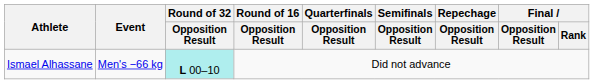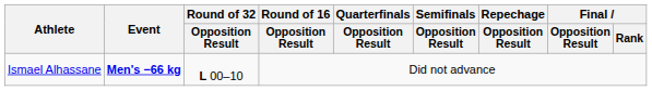 <table class="wikitable" style="font-size:90%">
 <tr>
 <th rowspan="2">Athlete</th>
 <th rowspan="2">Event</th>
 <th>Round of 32</th>
 <th>Round of 16</th>
 <th>Quarterfinals</th>
 <th>Semifinals</th>
 <th>Repechage</th>
 <th colspan=2>Final / </th>
 </tr>
 <tr style="font-size:95%">
 <th>Opposition<br>Result</th>
 <th>Opposition<br>Result</th>
 <th>Opposition<br>Result</th>
 <th>Opposition<br>Result</th>
 <th>Opposition<br>Result</th>
 <th>Opposition<br>Result</th>
 <th>Rank</th>
 </tr>
 <tr align=center>
 <td align=left><a href='#'>Ismael Alhassane</a></td>
-<td align=left><a href='#'>Men's −66 kg</a></td>
-<td style="background: paleturquoise;"><br><strong>L</strong> 00–10</td>
+<td align=left><strong><a href='#'>Men's −66 kg</a></strong></td>
+<td><br><strong>L</strong> 00–10</td>
 <td colspan="6">Did not advance</td>
 </tr>
 </table>
